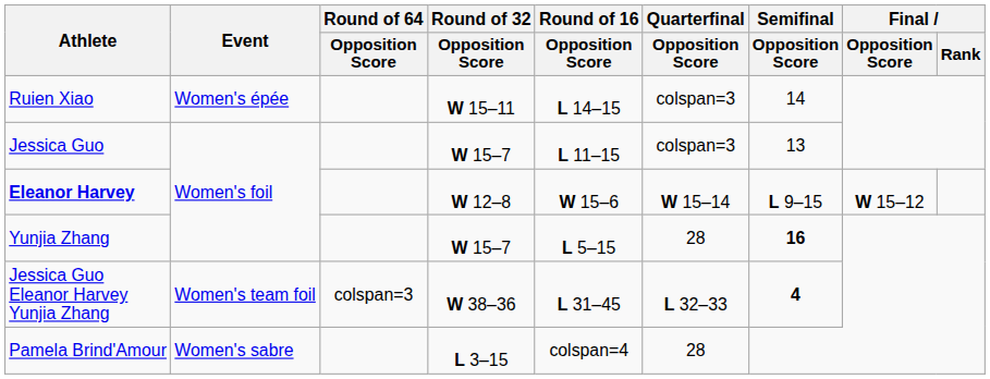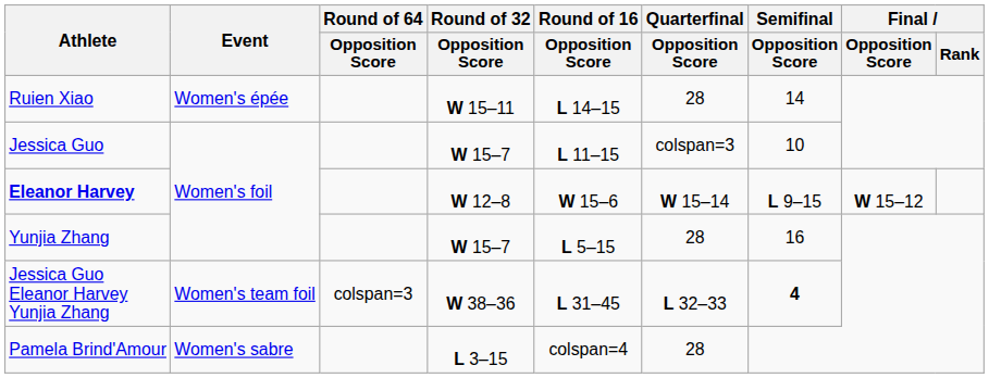 <table class=wikitable style="font-size:90%">
 <tr>
 <th rowspan="2">Athlete</th>
 <th rowspan="2">Event</th>
 <th>Round of 64</th>
 <th>Round of 32</th>
 <th>Round of 16</th>
 <th>Quarterfinal</th>
 <th>Semifinal</th>
 <th colspan=2>Final / </th>
 </tr>
 <tr style="font-size:95%">
 <th>Opposition <br> Score</th>
 <th>Opposition <br> Score</th>
 <th>Opposition <br> Score</th>
 <th>Opposition <br> Score</th>
 <th>Opposition <br> Score</th>
 <th>Opposition <br> Score</th>
 <th>Rank</th>
 </tr>
 <tr align=center>
 <td align=left><a href='#'>Ruien Xiao</a></td>
 <td align=left><a href='#'>Women's épée</a></td>
 <td></td>
 <td><br><strong>W</strong> 15–11</td>
 <td><br><strong>L</strong> 14–15</td>
-<td>colspan=3 </td>
+<td>28</td>
 <td>14</td>
 </tr>
 <tr align=center>
 <td align=left><a href='#'>Jessica Guo</a></td>
 <td align=left rowspan=3><a href='#'>Women's foil</a></td>
 <td></td>
 <td><br><strong>W</strong> 15–7</td>
 <td><br><strong>L</strong> 11–15</td>
 <td>colspan=3 </td>
-<td>13</td>
+<td>10</td>
 </tr>
 <tr align=center>
 <td align=left><strong><a href='#'>Eleanor Harvey</a></strong></td>
 <td></td>
 <td><br><strong>W</strong> 12–8</td>
 <td><br><strong>W</strong> 15–6</td>
 <td><br><strong>W</strong> 15–14</td>
 <td><br><strong>L</strong> 9–15</td>
 <td><br> <strong>W</strong> 15–12</td>
 <td></td>
 </tr>
 <tr align=center>
 <td align=left><a href='#'>Yunjia Zhang</a></td>
 <td></td>
 <td><br><strong>W</strong> 15–7</td>
 <td><br><strong>L</strong> 5–15</td>
 <td>28</td>
-<td><strong>16</strong></td>
+<td>16</td>
 </tr>
 <tr align=center>
 <td align=left><a href='#'>Jessica Guo</a><br><a href='#'>Eleanor Harvey</a><br><a href='#'>Yunjia Zhang</a></td>
 <td align=left><a href='#'>Women's team foil</a></td>
 <td>colspan=3 </td>
 <td><br><strong>W</strong> 38–36</td>
 <td><br><strong>L</strong> 31–45</td>
 <td><br><strong>L</strong> 32–33</td>
 <td><strong>4</strong></td>
 </tr>
 <tr align=center>
 <td align=left><a href='#'>Pamela Brind'Amour</a></td>
 <td align=left><a href='#'>Women's sabre</a></td>
 <td></td>
 <td><br><strong>L</strong> 3–15</td>
 <td>colspan=4 </td>
 <td>28</td>
 </tr>
 </table>
